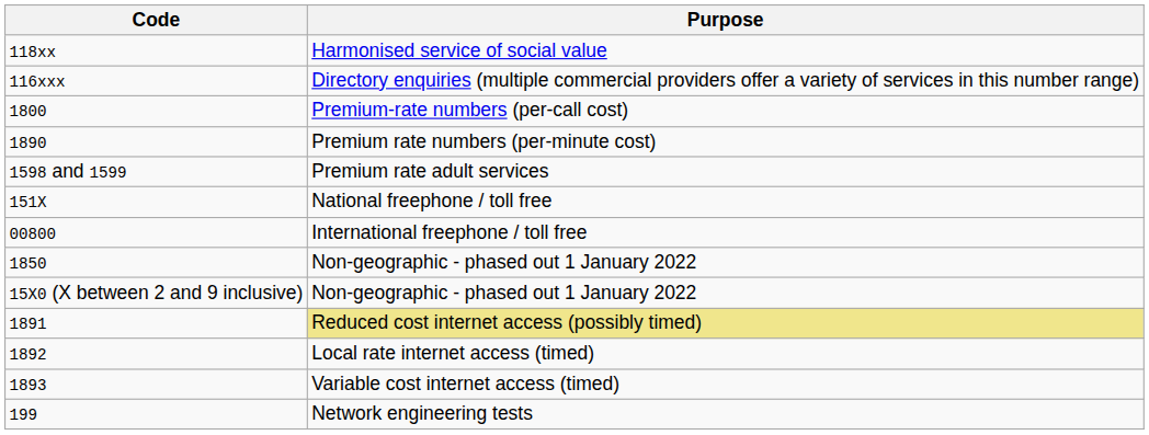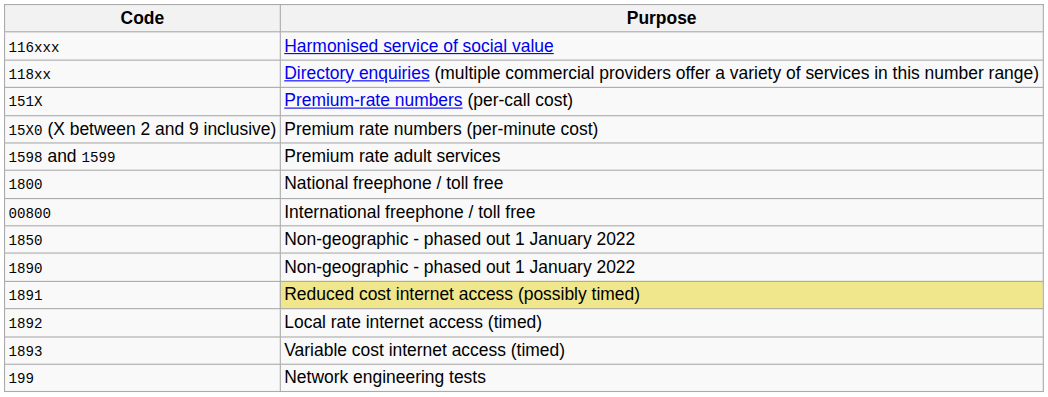 <table class="wikitable">
 <tr>
 <th>Code</th>
 <th>Purpose</th>
 </tr>
 <tr>
-<td><code>118xx</code></td>
+<td><code>116xxx</code></td>
 <td><a href='#'>Harmonised service of social value</a></td>
 </tr>
 <tr>
-<td><code>116xxx</code></td>
+<td><code>118xx</code></td>
 <td><a href='#'>Directory enquiries</a> (multiple commercial providers offer a variety of services in this number range)</td>
 </tr>
 <tr>
-<td><code>1800</code></td>
+<td><code>151X</code></td>
 <td><a href='#'>Premium-rate numbers</a> (per-call cost)</td>
 </tr>
 <tr>
-<td><code>1890</code></td>
+<td><code>15X0</code> (X between 2 and 9 inclusive)</td>
 <td>Premium rate numbers (per-minute cost)</td>
 </tr>
 <tr>
 <td><code>1598</code> and <code>1599</code></td>
 <td>Premium rate adult services</td>
 </tr>
 <tr>
-<td><code>151X</code></td>
+<td><code>1800</code></td>
 <td>National freephone / toll free</td>
 </tr>
 <tr>
 <td><code>00800</code></td>
 <td>International freephone / toll free</td>
 </tr>
 <tr>
 <td><code>1850</code></td>
 <td>Non-geographic - phased out 1 January 2022</td>
 </tr>
 <tr>
-<td><code>15X0</code> (X between 2 and 9 inclusive)</td>
+<td><code>1890</code></td>
 <td>Non-geographic - phased out 1 January 2022</td>
 </tr>
 <tr>
 <td><code>1891</code></td>
 <td style="background: khaki;">Reduced cost internet access (possibly timed)</td>
 </tr>
 <tr>
 <td><code>1892</code></td>
 <td>Local rate internet access (timed)</td>
 </tr>
 <tr>
 <td><code>1893</code></td>
 <td>Variable cost internet access (timed)</td>
 </tr>
 <tr>
 <td><code>199</code></td>
 <td>Network engineering tests</td>
 </tr>
 </table>
